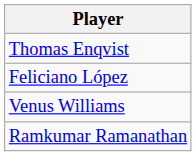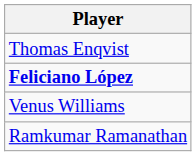 <table class="wikitable">
 <tr>
 <th>Player</th>
 </tr>
 <tr>
 <td> <a href='#'>Thomas Enqvist</a></td>
 </tr>
 <tr>
-<td> <a href='#'>Feliciano López</a></td>
+<td><strong> <a href='#'>Feliciano López</a></strong></td>
 </tr>
 <tr>
 <td> <a href='#'>Venus Williams</a></td>
 </tr>
 <tr>
 <td> <a href='#'>Ramkumar Ramanathan</a></td>
 </tr>
 </table>
